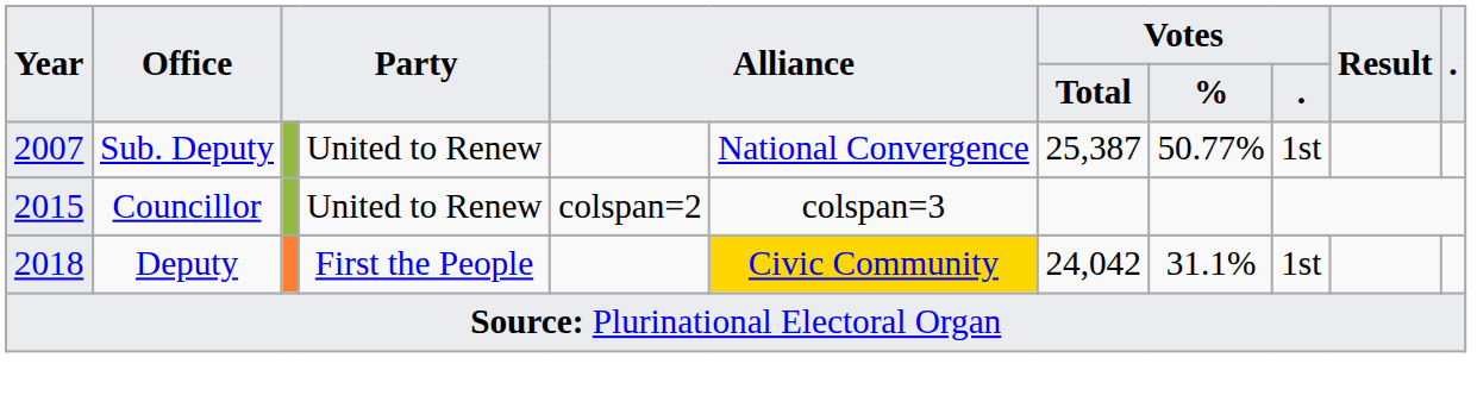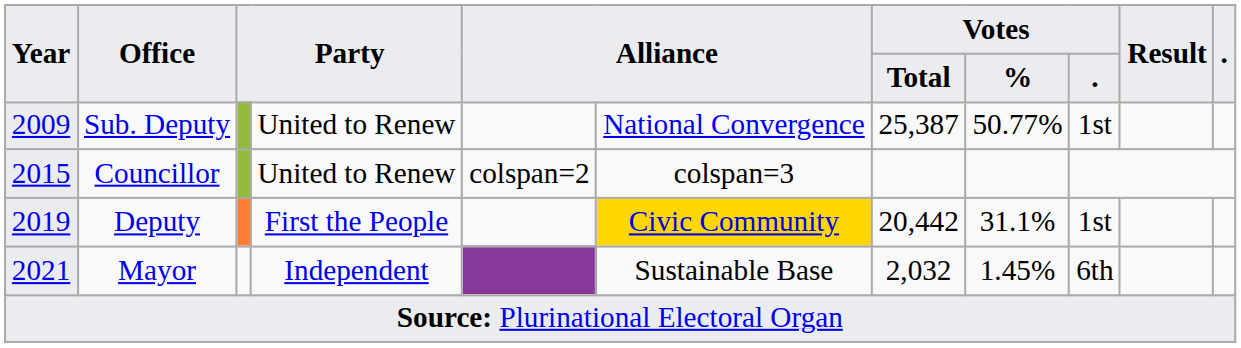 <table class="wikitable" style="font-size:90%; text-align:center;">
 <tr>
 <th style="background-color:#EAECF0;" rowspan=2>Year</th>
 <th style="background-color:#EAECF0;" rowspan=2>Office</th>
 <th style="background-color:#EAECF0;" colspan=2 rowspan=2>Party</th>
 <th style="background-color:#EAECF0;" colspan=2 rowspan=2>Alliance</th>
 <th style="background-color:#EAECF0;" colspan=3>Votes</th>
 <th style="background-color:#EAECF0;" rowspan=2>Result</th>
 <th style="background-color:#EAECF0;" rowspan=2>.</th>
 </tr>
 <tr>
 <th style="background-color:#EAECF0;">Total</th>
 <th style="background-color:#EAECF0;">%</th>
 <th style="background-color:#EAECF0;">.</th>
 </tr>
 <tr>
-<td style="background-color:#EAECF0;"><a href='#'>2007</a></td>
+<td style="background-color:#EAECF0;"><a href='#'>2009</a></td>
 <td><a href='#'>Sub. Deputy</a></td>
 <td style="background-color:#92BA3D;"></td>
 <td>United to Renew</td>
 <td style="background-color:"></td>
 <td><a href='#'>National Convergence</a></td>
 <td>25,387</td>
 <td>50.77%</td>
 <td>1st</td>
 <td></td>
 <td></td>
 </tr>
 <tr>
 <td style="background-color:#EAECF0;"><a href='#'>2015</a></td>
 <td><a href='#'>Councillor</a></td>
 <td style="background-color:#92BA3D;"></td>
 <td>United to Renew</td>
 <td>colspan=2 </td>
 <td>colspan=3 </td>
 <td></td>
 <td></td>
 </tr>
 <tr>
-<td style="background-color:#EAECF0;"><a href='#'>2018</a></td>
+<td style="background-color:#EAECF0;"><a href='#'>2019</a></td>
 <td><a href='#'>Deputy</a></td>
 <td style="background-color:#FE7F32;"></td>
 <td><a href='#'>First the People</a></td>
 <td style="background-color:"></td>
 <td style="background: gold;"><a href='#'>Civic Community</a></td>
-<td>24,042</td>
+<td>20,442</td>
 <td>31.1%</td>
 <td>1st</td>
+<td></td>
+<td></td>
+</tr>
+<tr>
+<td style="background-color:#EAECF0;"><a href='#'>2021</a></td>
+<td><a href='#'>Mayor</a></td>
+<td style="background-color:"></td>
+<td><a href='#'>Independent</a></td>
+<td style="background-color:#85399B;"></td>
+<td>Sustainable Base</td>
+<td>2,032</td>
+<td>1.45%</td>
+<td>6th</td>
 <td></td>
 <td></td>
 </tr>
 <tr>
 <td style="background-color:#EAECF0;" colspan=11><strong>Source:</strong> <a href='#'>Plurinational Electoral Organ</a>  </td>
 </tr>
 </table>
